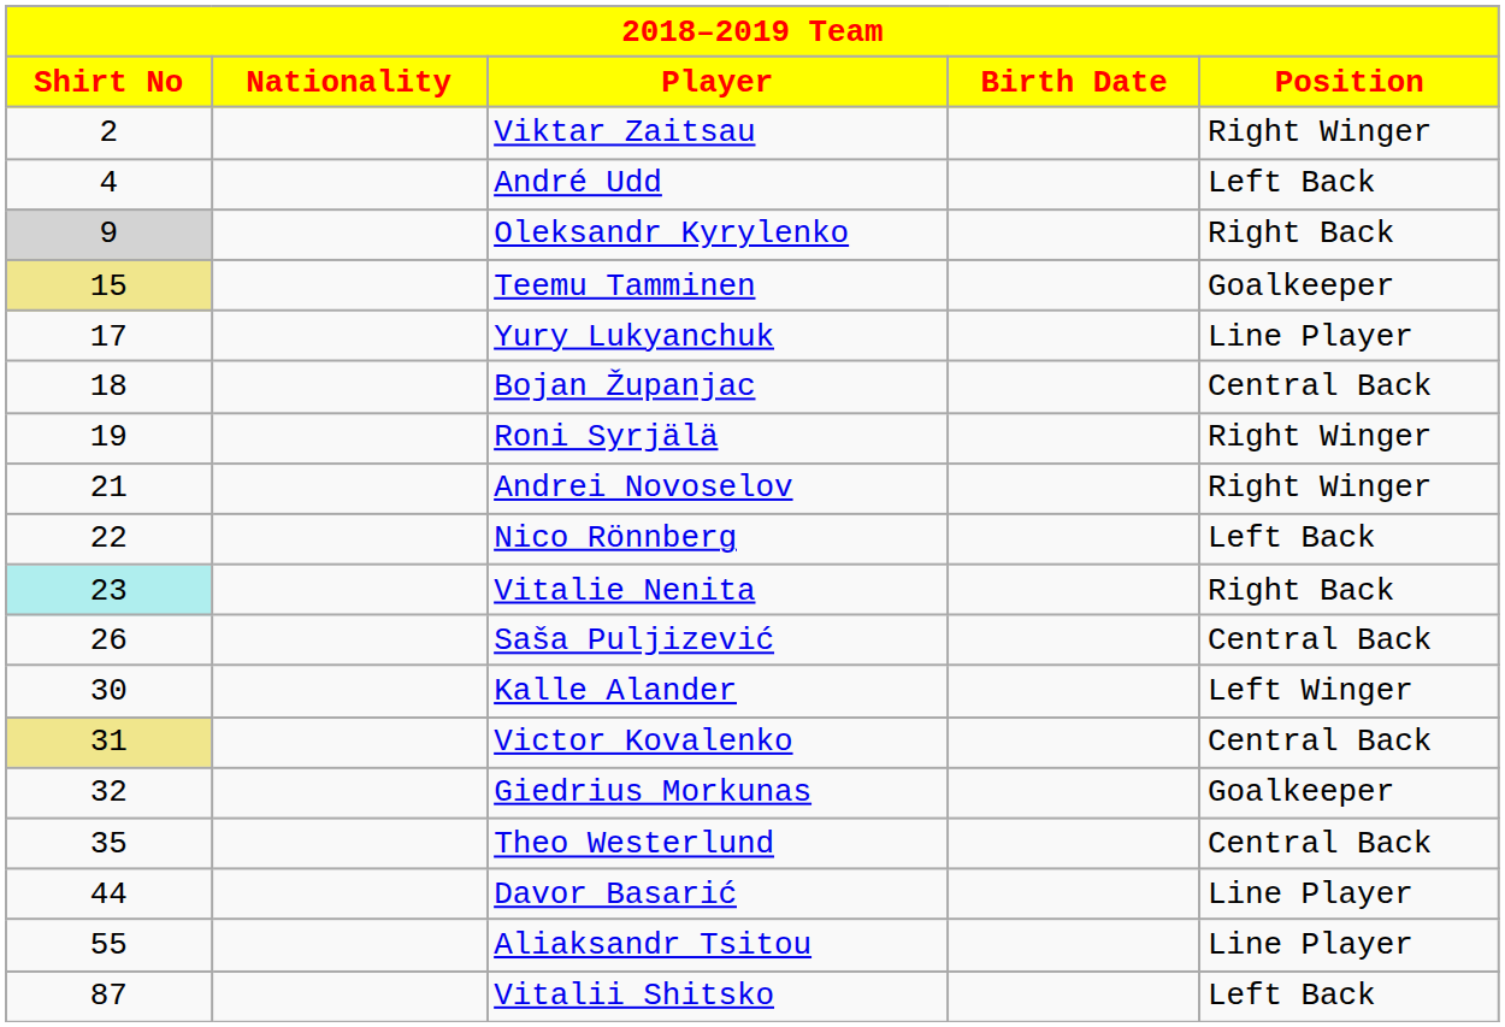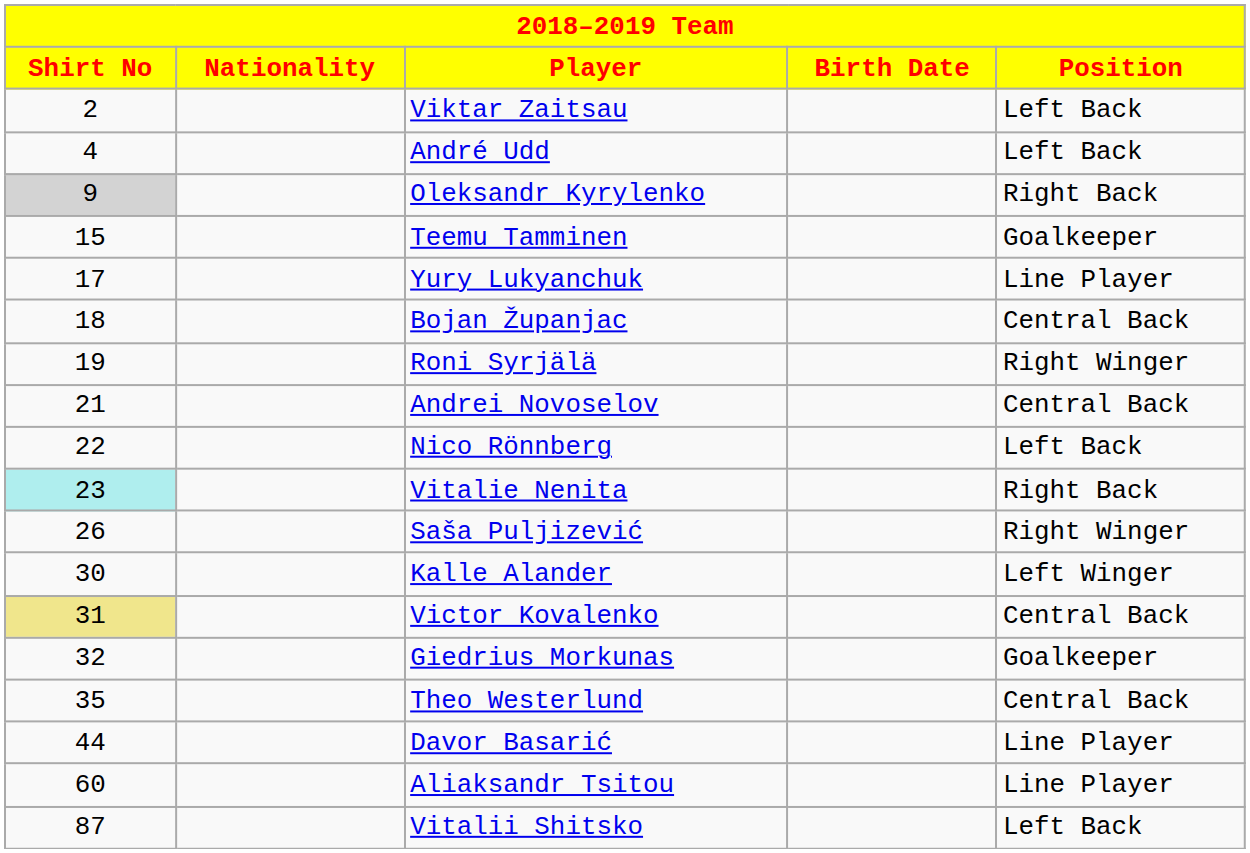 <table class="wikitable collapsible collapsed" style="width:100%">
 <tr>
 <th colspan=5 style="background-color:yellow;color:red;text-align:center;"><strong>2018–2019 Team</strong></th>
 </tr>
 <tr>
 <th style="color:red; background:yellow">Shirt No</th>
 <th style="color:red; background:yellow">Nationality</th>
 <th style="color:red; background:yellow">Player</th>
 <th style="color:red; background:yellow">Birth Date</th>
 <th style="color:red; background:yellow">Position</th>
 </tr>
 <tr>
 <td align=center>2</td>
 <td></td>
 <td><a href='#'>Viktar Zaitsau</a></td>
 <td></td>
-<td>Right Winger</td>
+<td>Left Back</td>
 </tr>
 <tr>
 <td align=center>4</td>
 <td></td>
 <td><a href='#'>André Udd</a></td>
 <td></td>
 <td>Left Back</td>
 </tr>
 <tr>
 <td align=center style="background: lightgrey;">9</td>
 <td></td>
 <td><a href='#'>Oleksandr Kyrylenko</a></td>
 <td></td>
 <td>Right Back</td>
 </tr>
 <tr>
-<td align=center style="background: khaki;">15</td>
+<td align=center>15</td>
 <td></td>
 <td><a href='#'>Teemu Tamminen</a></td>
 <td></td>
 <td>Goalkeeper</td>
 </tr>
 <tr>
 <td align=center>17</td>
 <td></td>
 <td><a href='#'>Yury Lukyanchuk</a></td>
 <td></td>
 <td>Line Player</td>
 </tr>
 <tr>
 <td align=center>18</td>
 <td></td>
 <td><a href='#'>Bojan Županjac</a></td>
 <td></td>
 <td>Central Back</td>
 </tr>
 <tr>
 <td align=center>19</td>
 <td></td>
 <td><a href='#'>Roni Syrjälä</a></td>
 <td></td>
 <td>Right Winger</td>
 </tr>
 <tr>
 <td align=center>21</td>
 <td></td>
 <td><a href='#'>Andrei Novoselov</a></td>
 <td></td>
-<td>Right Winger</td>
+<td>Central Back</td>
 </tr>
 <tr>
 <td align=center>22</td>
 <td></td>
 <td><a href='#'>Nico Rönnberg</a></td>
 <td></td>
 <td>Left Back</td>
 </tr>
 <tr>
 <td align=center style="background: paleturquoise;">23</td>
 <td></td>
 <td><a href='#'>Vitalie Nenita</a></td>
 <td></td>
 <td>Right Back</td>
 </tr>
 <tr>
 <td align=center>26</td>
 <td></td>
 <td><a href='#'>Saša Puljizević</a></td>
 <td></td>
-<td>Central Back</td>
+<td>Right Winger</td>
 </tr>
 <tr>
 <td align=center>30</td>
 <td></td>
 <td><a href='#'>Kalle Alander</a></td>
 <td></td>
 <td>Left Winger</td>
 </tr>
 <tr>
 <td align=center style="background: khaki;">31</td>
 <td></td>
 <td><a href='#'>Victor Kovalenko</a></td>
 <td></td>
 <td>Central Back</td>
 </tr>
 <tr>
 <td align=center>32</td>
 <td></td>
 <td><a href='#'>Giedrius Morkunas</a></td>
 <td></td>
 <td>Goalkeeper</td>
 </tr>
 <tr>
 <td align=center>35</td>
 <td></td>
 <td><a href='#'>Theo Westerlund</a></td>
 <td></td>
 <td>Central Back</td>
 </tr>
 <tr>
 <td align=center>44</td>
 <td></td>
 <td><a href='#'>Davor Basarić</a></td>
 <td></td>
 <td>Line Player</td>
 </tr>
 <tr>
-<td align=center>55</td>
+<td align=center>60</td>
 <td></td>
 <td><a href='#'>Aliaksandr Tsitou</a></td>
 <td></td>
 <td>Line Player</td>
 </tr>
 <tr>
 <td align=center>87</td>
 <td></td>
 <td><a href='#'>Vitalii Shitsko</a></td>
 <td></td>
 <td>Left Back</td>
 </tr>
 </table>
